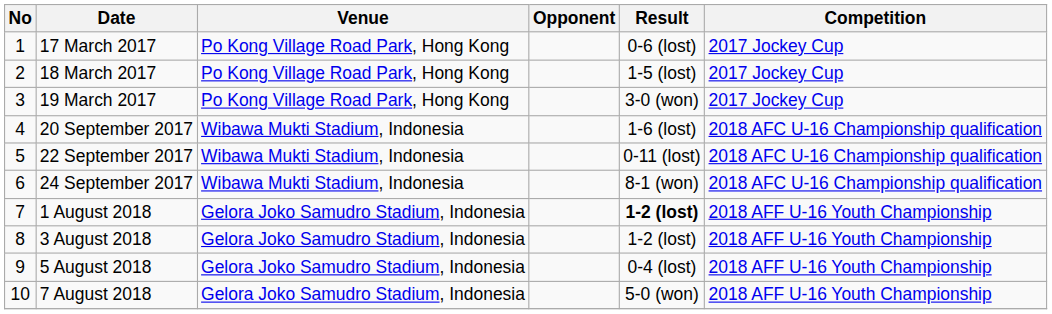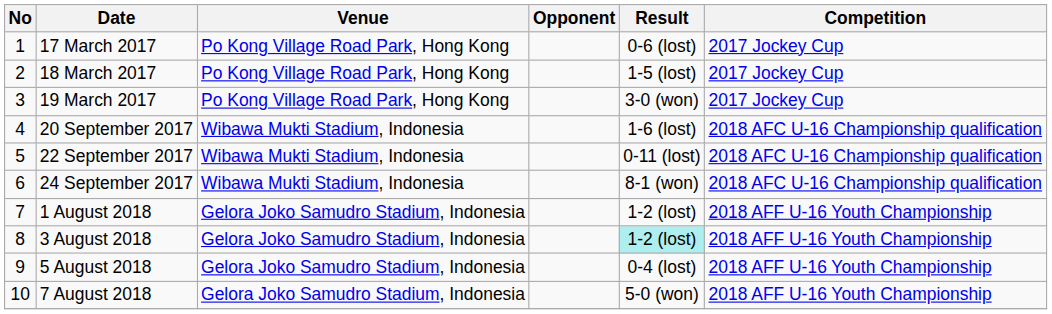 <table class="wikitable">
 <tr>
 <th>No</th>
 <th>Date</th>
 <th>Venue</th>
 <th>Opponent</th>
 <th>Result</th>
 <th>Competition</th>
 </tr>
 <tr>
 <td align=center>1</td>
 <td>17 March 2017</td>
 <td><a href='#'>Po Kong Village Road Park</a>, Hong Kong</td>
 <td></td>
 <td align=center>0-6 (lost)</td>
 <td><a href='#'>2017 Jockey Cup</a></td>
 </tr>
 <tr>
 <td align=center>2</td>
 <td>18 March 2017</td>
 <td><a href='#'>Po Kong Village Road Park</a>, Hong Kong</td>
 <td></td>
 <td align=center>1-5 (lost)</td>
 <td><a href='#'>2017 Jockey Cup</a></td>
 </tr>
 <tr>
 <td align=center>3</td>
 <td>19 March 2017</td>
 <td><a href='#'>Po Kong Village Road Park</a>, Hong Kong</td>
 <td></td>
 <td align=center>3-0 (won)</td>
 <td><a href='#'>2017 Jockey Cup</a></td>
 </tr>
 <tr>
 <td align=center>4</td>
 <td>20 September 2017</td>
 <td><a href='#'>Wibawa Mukti Stadium</a>, Indonesia</td>
 <td></td>
 <td align=center>1-6 (lost)</td>
 <td><a href='#'>2018 AFC U-16 Championship qualification</a></td>
 </tr>
 <tr>
 <td align=center>5</td>
 <td>22 September 2017</td>
 <td><a href='#'>Wibawa Mukti Stadium</a>, Indonesia</td>
 <td></td>
 <td align=center>0-11 (lost)</td>
 <td><a href='#'>2018 AFC U-16 Championship qualification</a></td>
 </tr>
 <tr>
 <td align=center>6</td>
 <td>24 September 2017</td>
 <td><a href='#'>Wibawa Mukti Stadium</a>, Indonesia</td>
 <td></td>
 <td align=center>8-1 (won)</td>
 <td><a href='#'>2018 AFC U-16 Championship qualification</a></td>
 </tr>
 <tr>
 <td align=center>7</td>
 <td>1 August 2018</td>
 <td><a href='#'>Gelora Joko Samudro Stadium</a>, Indonesia</td>
 <td></td>
-<td align=center><strong>1-2 (lost)</strong></td>
+<td align=center>1-2 (lost)</td>
 <td><a href='#'>2018 AFF U-16 Youth Championship</a></td>
 </tr>
 <tr>
 <td align=center>8</td>
 <td>3 August 2018</td>
 <td><a href='#'>Gelora Joko Samudro Stadium</a>, Indonesia</td>
 <td></td>
-<td align=center>1-2 (lost)</td>
+<td align=center style="background: paleturquoise;">1-2 (lost)</td>
 <td><a href='#'>2018 AFF U-16 Youth Championship</a></td>
 </tr>
 <tr>
 <td align=center>9</td>
 <td>5 August 2018</td>
 <td><a href='#'>Gelora Joko Samudro Stadium</a>, Indonesia</td>
 <td></td>
 <td align=center>0-4 (lost)</td>
 <td><a href='#'>2018 AFF U-16 Youth Championship</a></td>
 </tr>
 <tr>
 <td align=center>10</td>
 <td>7 August 2018</td>
 <td><a href='#'>Gelora Joko Samudro Stadium</a>, Indonesia</td>
 <td></td>
 <td align=center>5-0 (won)</td>
 <td><a href='#'>2018 AFF U-16 Youth Championship</a></td>
 </tr>
 <tr>
 </tr>
 </table>
